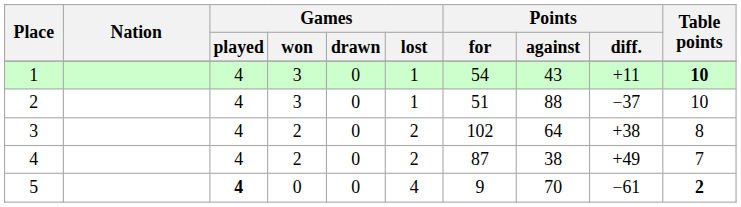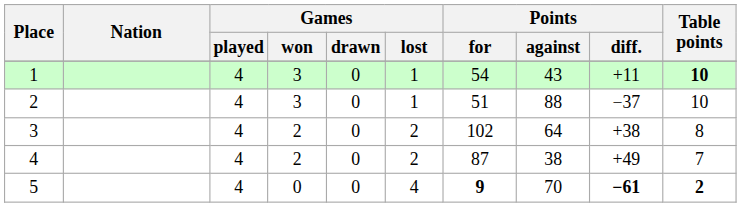 <table class="wikitable">
 <tr>
 <th rowspan=2 width="8%">Place</th>
 <th rowspan=2 width="20%">Nation</th>
 <th colspan=4 width="32%">Games</th>
 <th colspan=3 width="30%">Points</th>
 <th rowspan=2 width="10%">Table<br>points</th>
 </tr>
 <tr>
 <th width="8%">played</th>
 <th width="8%">won</th>
 <th width="8%">drawn</th>
 <th width="8%">lost</th>
 <th width="10%">for</th>
 <th width="10%">against</th>
 <th width="10%">diff.</th>
 </tr>
 <tr>
 </tr>
 <tr bgcolor=#ccffcc align=center>
 <td>1</td>
 <td align=left></td>
 <td>4</td>
 <td>3</td>
 <td>0</td>
 <td>1</td>
 <td>54</td>
 <td>43</td>
 <td>+11</td>
 <td><strong>10</strong></td>
 </tr>
 <tr bgcolor=#ffffff align=center>
 <td>2</td>
 <td align=left></td>
 <td>4</td>
 <td>3</td>
 <td>0</td>
 <td>1</td>
 <td>51</td>
 <td>88</td>
 <td>−37</td>
 <td>10</td>
 </tr>
 <tr bgcolor=#ffffff align=center>
 <td>3</td>
 <td align=left></td>
 <td>4</td>
 <td>2</td>
 <td>0</td>
 <td>2</td>
 <td>102</td>
 <td>64</td>
 <td>+38</td>
 <td>8</td>
 </tr>
 <tr bgcolor=#ffffff align=center>
 <td>4</td>
 <td align=left></td>
 <td>4</td>
 <td>2</td>
 <td>0</td>
 <td>2</td>
 <td>87</td>
 <td>38</td>
 <td>+49</td>
 <td>7</td>
 </tr>
 <tr bgcolor=#ffffff align=center>
 <td>5</td>
 <td align=left></td>
-<td><strong>4</strong></td>
+<td>4</td>
 <td>0</td>
 <td>0</td>
 <td>4</td>
-<td>9</td>
+<td><strong>9</strong></td>
 <td>70</td>
-<td>−61</td>
+<td><strong>−61</strong></td>
 <td><strong>2</strong></td>
 </tr>
 </table>
